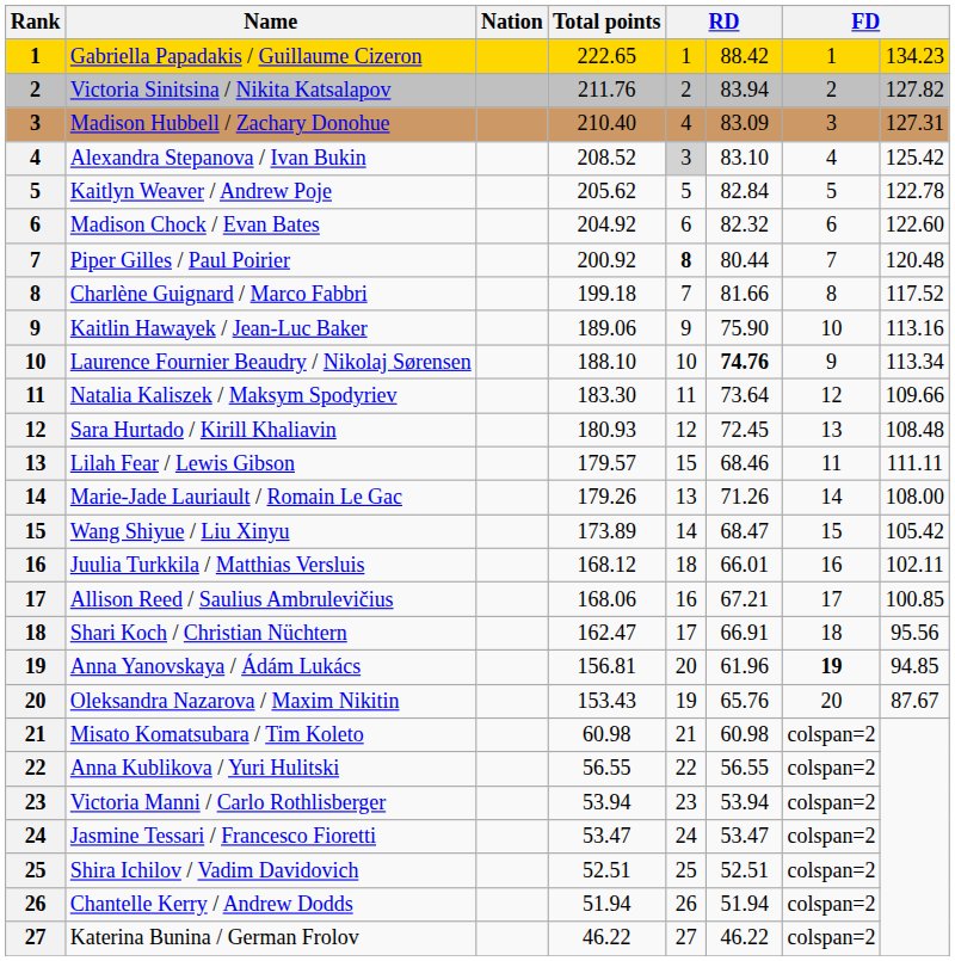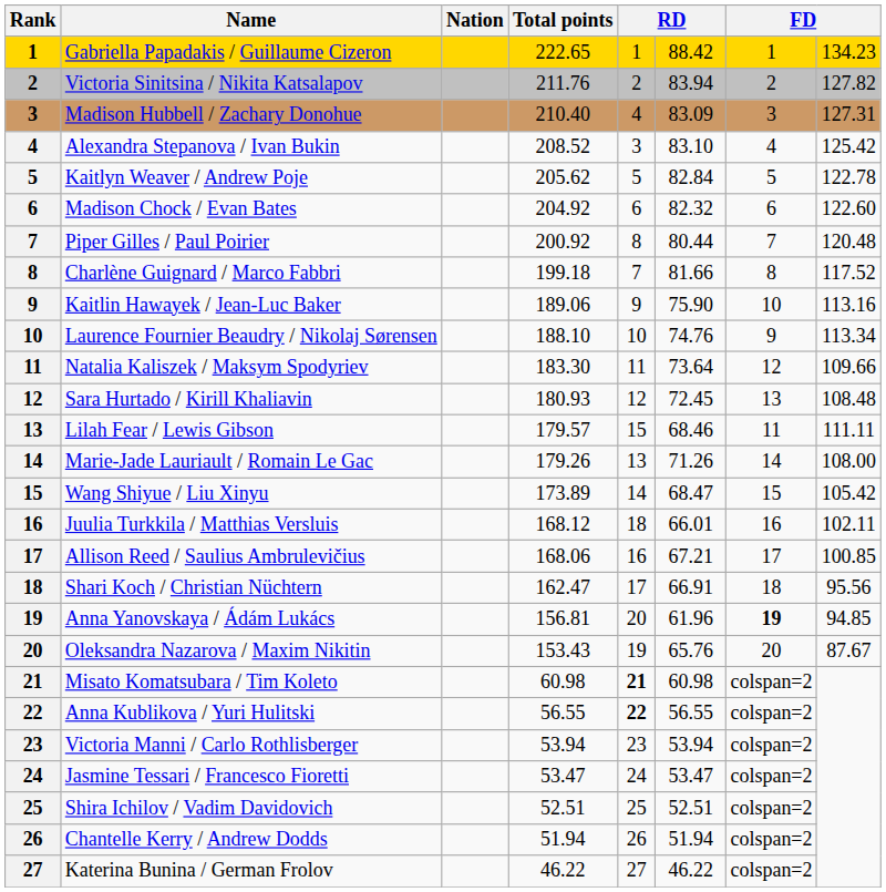 <table class="wikitable sortable">
 <tr>
 <th>Rank</th>
 <th>Name</th>
 <th>Nation</th>
 <th>Total points</th>
 <th colspan="2" width="80px"><a href='#'>RD</a></th>
 <th colspan="2" width="80px"><a href='#'>FD</a></th>
 </tr>
 <tr bgcolor="gold">
 <td align="center"><strong>1</strong></td>
 <td><a href='#'>Gabriella Papadakis</a> / <a href='#'>Guillaume Cizeron</a></td>
 <td></td>
 <td align="center">222.65</td>
 <td align="center">1</td>
 <td align="center">88.42</td>
 <td align="center">1</td>
 <td align="center">134.23</td>
 </tr>
 <tr bgcolor="silver">
 <td align="center"><strong>2</strong></td>
 <td><a href='#'>Victoria Sinitsina</a> / <a href='#'>Nikita Katsalapov</a></td>
 <td></td>
 <td align="center">211.76</td>
 <td align="center">2</td>
 <td align="center">83.94</td>
 <td align="center">2</td>
 <td align="center">127.82</td>
 </tr>
 <tr bgcolor="cc9966">
 <td align="center"><strong>3</strong></td>
 <td><a href='#'>Madison Hubbell</a> / <a href='#'>Zachary Donohue</a></td>
 <td></td>
 <td align="center">210.40</td>
 <td align="center">4</td>
 <td align="center">83.09</td>
 <td align="center">3</td>
 <td align="center">127.31</td>
 </tr>
 <tr>
 <th>4</th>
 <td><a href='#'>Alexandra Stepanova</a> / <a href='#'>Ivan Bukin</a></td>
 <td></td>
 <td align="center">208.52</td>
-<td align="center" style="background: lightgrey;">3</td>
+<td align="center">3</td>
 <td align="center">83.10</td>
 <td align="center">4</td>
 <td align="center">125.42</td>
 </tr>
 <tr>
 <th>5</th>
 <td><a href='#'>Kaitlyn Weaver</a> / <a href='#'>Andrew Poje</a></td>
 <td></td>
 <td align="center">205.62</td>
 <td align="center">5</td>
 <td align="center">82.84</td>
 <td align="center">5</td>
 <td align="center">122.78</td>
 </tr>
 <tr>
 <th>6</th>
 <td><a href='#'>Madison Chock</a> / <a href='#'>Evan Bates</a></td>
 <td></td>
 <td align="center">204.92</td>
 <td align="center">6</td>
 <td align="center">82.32</td>
 <td align="center">6</td>
 <td align="center">122.60</td>
 </tr>
 <tr>
 <th>7</th>
 <td><a href='#'>Piper Gilles</a> / <a href='#'>Paul Poirier</a></td>
 <td></td>
 <td align="center">200.92</td>
-<td align="center"><strong>8</strong></td>
+<td align="center">8</td>
 <td align="center">80.44</td>
 <td align="center">7</td>
 <td align="center">120.48</td>
 </tr>
 <tr>
 <th>8</th>
 <td><a href='#'>Charlène Guignard</a> / <a href='#'>Marco Fabbri</a></td>
 <td></td>
 <td align="center">199.18</td>
 <td align="center">7</td>
 <td align="center">81.66</td>
 <td align="center">8</td>
 <td align="center">117.52</td>
 </tr>
 <tr>
 <th>9</th>
 <td><a href='#'>Kaitlin Hawayek</a> / <a href='#'>Jean-Luc Baker</a></td>
 <td></td>
 <td align="center">189.06</td>
 <td align="center">9</td>
 <td align="center">75.90</td>
 <td align="center">10</td>
 <td align="center">113.16</td>
 </tr>
 <tr>
 <th>10</th>
 <td><a href='#'>Laurence Fournier Beaudry</a> / <a href='#'>Nikolaj Sørensen</a></td>
 <td></td>
 <td align="center">188.10</td>
 <td align="center">10</td>
-<td align="center"><strong>74.76</strong></td>
+<td align="center">74.76</td>
 <td align="center">9</td>
 <td align="center">113.34</td>
 </tr>
 <tr>
 <th>11</th>
 <td><a href='#'>Natalia Kaliszek</a> / <a href='#'>Maksym Spodyriev</a></td>
 <td></td>
 <td align="center">183.30</td>
 <td align="center">11</td>
 <td align="center">73.64</td>
 <td align="center">12</td>
 <td align="center">109.66</td>
 </tr>
 <tr>
 <th>12</th>
 <td><a href='#'>Sara Hurtado</a> / <a href='#'>Kirill Khaliavin</a></td>
 <td></td>
 <td align="center">180.93</td>
 <td align="center">12</td>
 <td align="center">72.45</td>
 <td align="center">13</td>
 <td align="center">108.48</td>
 </tr>
 <tr>
 <th>13</th>
 <td><a href='#'>Lilah Fear</a> / <a href='#'>Lewis Gibson</a></td>
 <td></td>
 <td align="center">179.57</td>
 <td align="center">15</td>
 <td align="center">68.46</td>
 <td align="center">11</td>
 <td align="center">111.11</td>
 </tr>
 <tr>
 <th>14</th>
 <td><a href='#'>Marie-Jade Lauriault</a> / <a href='#'>Romain Le Gac</a></td>
 <td></td>
 <td align="center">179.26</td>
 <td align="center">13</td>
 <td align="center">71.26</td>
 <td align="center">14</td>
 <td align="center">108.00</td>
 </tr>
 <tr>
 <th>15</th>
 <td><a href='#'>Wang Shiyue</a> / <a href='#'>Liu Xinyu</a></td>
 <td></td>
 <td align="center">173.89</td>
 <td align="center">14</td>
 <td align="center">68.47</td>
 <td align="center">15</td>
 <td align="center">105.42</td>
 </tr>
 <tr>
 <th>16</th>
 <td><a href='#'>Juulia Turkkila</a> / <a href='#'>Matthias Versluis</a></td>
 <td></td>
 <td align="center">168.12</td>
 <td align="center">18</td>
 <td align="center">66.01</td>
 <td align="center">16</td>
 <td align="center">102.11</td>
 </tr>
 <tr>
 <th>17</th>
 <td><a href='#'>Allison Reed</a> / <a href='#'>Saulius Ambrulevičius</a></td>
 <td></td>
 <td align="center">168.06</td>
 <td align="center">16</td>
 <td align="center">67.21</td>
 <td align="center">17</td>
 <td align="center">100.85</td>
 </tr>
 <tr>
 <th>18</th>
 <td><a href='#'>Shari Koch</a> / <a href='#'>Christian Nüchtern</a></td>
 <td></td>
 <td align="center">162.47</td>
 <td align="center">17</td>
 <td align="center">66.91</td>
 <td align="center">18</td>
 <td align="center">95.56</td>
 </tr>
 <tr>
 <th>19</th>
 <td><a href='#'>Anna Yanovskaya</a> / <a href='#'>Ádám Lukács</a></td>
 <td></td>
 <td align="center">156.81</td>
 <td align="center">20</td>
 <td align="center">61.96</td>
 <td align="center"><strong>19</strong></td>
 <td align="center">94.85</td>
 </tr>
 <tr>
 <th>20</th>
 <td><a href='#'>Oleksandra Nazarova</a> / <a href='#'>Maxim Nikitin</a></td>
 <td></td>
 <td align="center">153.43</td>
 <td align="center">19</td>
 <td align="center">65.76</td>
 <td align="center">20</td>
 <td align="center">87.67</td>
 </tr>
 <tr>
 <th>21</th>
 <td><a href='#'>Misato Komatsubara</a> / <a href='#'>Tim Koleto</a></td>
 <td></td>
 <td align="center">60.98</td>
-<td align="center">21</td>
+<td align="center"><strong>21</strong></td>
 <td align="center">60.98</td>
 <td>colspan=2 </td>
 </tr>
 <tr>
 <th>22</th>
 <td><a href='#'>Anna Kublikova</a> / <a href='#'>Yuri Hulitski</a></td>
 <td></td>
 <td align="center">56.55</td>
-<td align="center">22</td>
+<td align="center"><strong>22</strong></td>
 <td align="center">56.55</td>
 <td>colspan=2 </td>
 </tr>
 <tr>
 <th>23</th>
 <td><a href='#'>Victoria Manni</a> / <a href='#'>Carlo Rothlisberger</a></td>
 <td></td>
 <td align="center">53.94</td>
 <td align="center">23</td>
 <td align="center">53.94</td>
 <td>colspan=2 </td>
 </tr>
 <tr>
 <th>24</th>
 <td><a href='#'>Jasmine Tessari</a> / <a href='#'>Francesco Fioretti</a></td>
 <td></td>
 <td align="center">53.47</td>
 <td align="center">24</td>
 <td align="center">53.47</td>
 <td>colspan=2 </td>
 </tr>
 <tr>
 <th>25</th>
 <td><a href='#'>Shira Ichilov</a> / <a href='#'>Vadim Davidovich</a></td>
 <td></td>
 <td align="center">52.51</td>
 <td align="center">25</td>
 <td align="center">52.51</td>
 <td>colspan=2 </td>
 </tr>
 <tr>
 <th>26</th>
 <td><a href='#'>Chantelle Kerry</a> / <a href='#'>Andrew Dodds</a></td>
 <td></td>
 <td align="center">51.94</td>
 <td align="center">26</td>
 <td align="center">51.94</td>
 <td>colspan=2 </td>
 </tr>
 <tr>
 <th>27</th>
 <td>Katerina Bunina / German Frolov</td>
 <td></td>
 <td align="center">46.22</td>
 <td align="center">27</td>
 <td align="center">46.22</td>
 <td>colspan=2 </td>
 </tr>
 </table>
